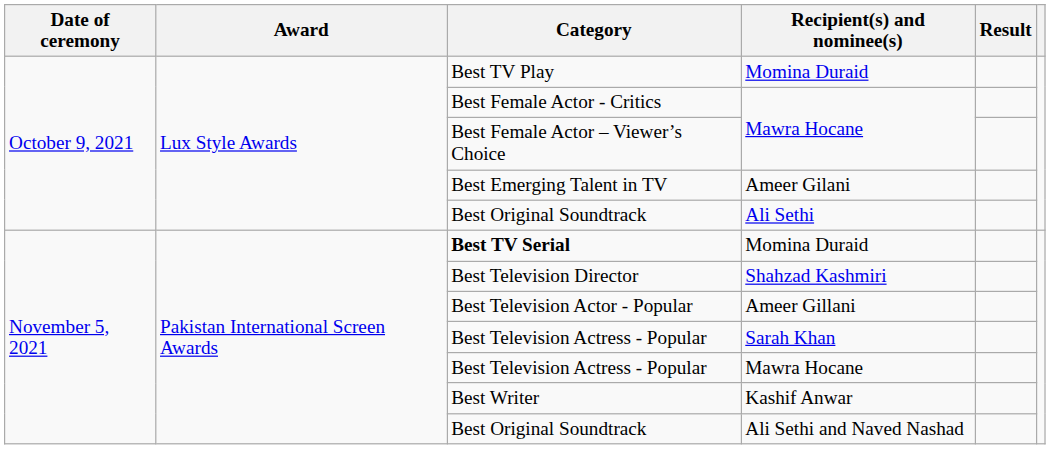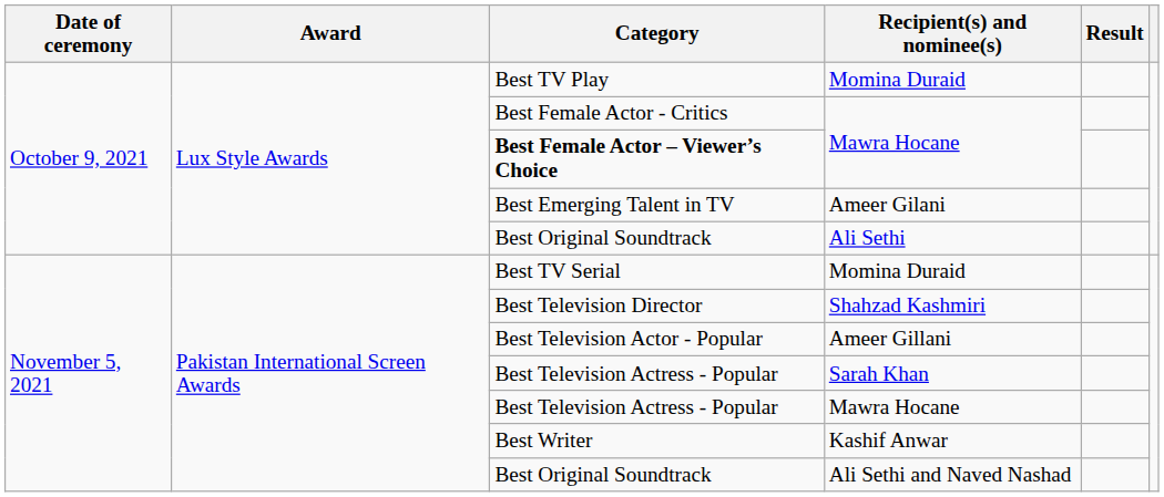 <table class="wikitable sortable">
 <tr>
 <th>Date of ceremony</th>
 <th>Award</th>
 <th>Category</th>
 <th>Recipient(s) and nominee(s)</th>
 <th scope="col" class="unsortable">Result</th>
 <th scope="col" class="unsortable"></th>
 </tr>
 <tr>
 <td rowspan=5><a href='#'>October 9, 2021</a></td>
 <td rowspan=5><a href='#'>Lux Style Awards</a></td>
 <td>Best TV Play</td>
 <td><a href='#'>Momina Duraid</a></td>
 <td></td>
 <td rowspan=5></td>
 </tr>
 <tr>
 <td>Best Female Actor - Critics</td>
 <td rowspan="2"><a href='#'>Mawra Hocane</a></td>
 <td></td>
 </tr>
 <tr>
-<td>Best Female Actor – Viewer’s Choice</td>
+<td><strong>Best Female Actor – Viewer’s Choice</strong></td>
 <td></td>
 </tr>
 <tr>
 <td>Best Emerging Talent in TV</td>
 <td>Ameer Gilani</td>
 <td></td>
 </tr>
 <tr>
 <td>Best Original Soundtrack</td>
 <td><a href='#'>Ali Sethi</a></td>
 <td></td>
 </tr>
 <tr>
 <td rowspan="7"><a href='#'>November 5, 2021</a></td>
 <td rowspan="7"><a href='#'>Pakistan International Screen Awards</a></td>
-<td><strong>Best TV Serial</strong></td>
+<td>Best TV Serial</td>
 <td>Momina Duraid</td>
 <td></td>
 <td rowspan="7"></td>
 </tr>
 <tr>
 <td>Best Television Director</td>
 <td><a href='#'>Shahzad Kashmiri</a></td>
 <td></td>
 </tr>
 <tr>
 <td>Best Television Actor - Popular</td>
 <td>Ameer Gillani</td>
 <td></td>
 </tr>
 <tr>
 <td>Best Television Actress - Popular</td>
 <td><a href='#'>Sarah Khan</a></td>
 <td></td>
 </tr>
 <tr>
 <td>Best Television Actress - Popular</td>
 <td>Mawra Hocane</td>
 <td></td>
 </tr>
 <tr>
 <td>Best Writer</td>
 <td>Kashif Anwar</td>
 <td></td>
 </tr>
 <tr>
 <td>Best Original Soundtrack</td>
 <td>Ali Sethi and Naved Nashad</td>
 <td></td>
 </tr>
 </table>
